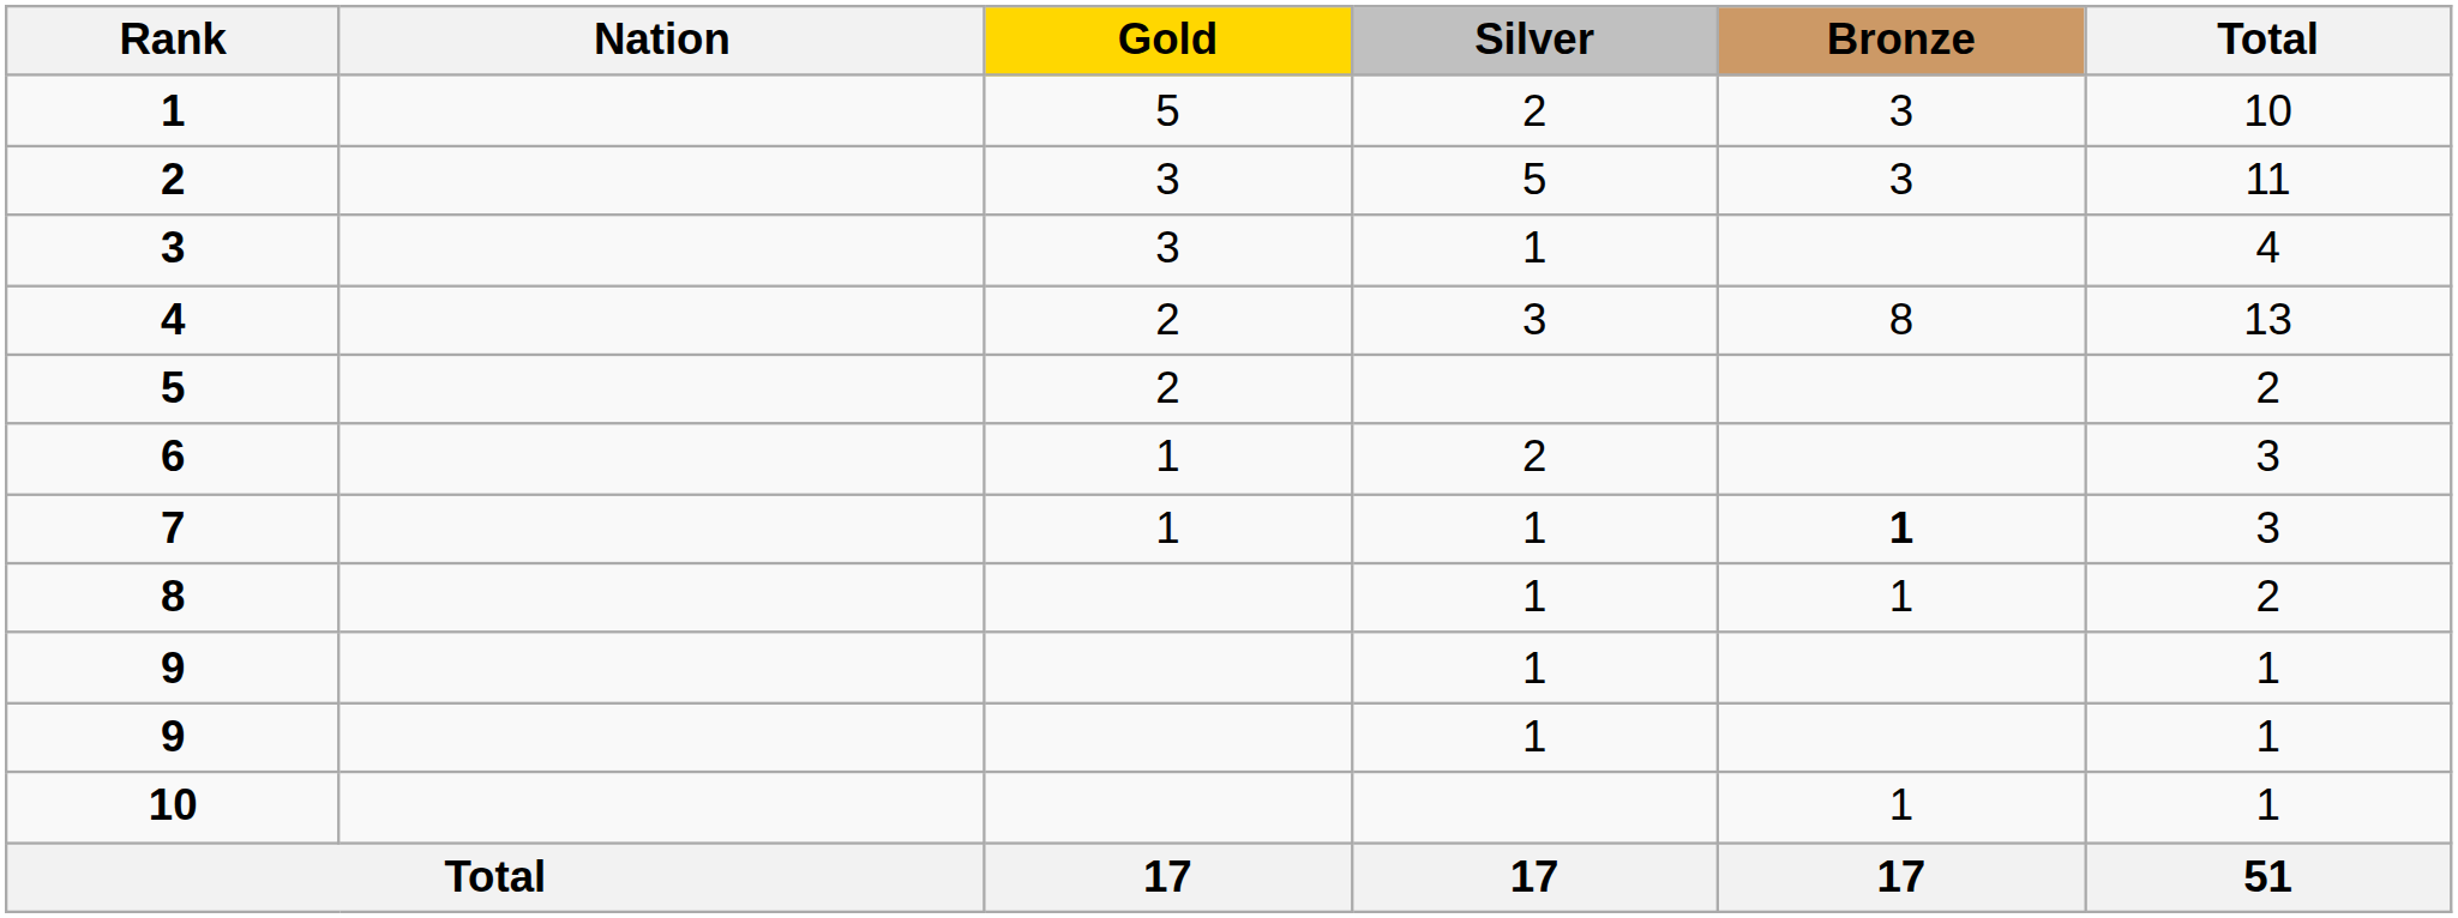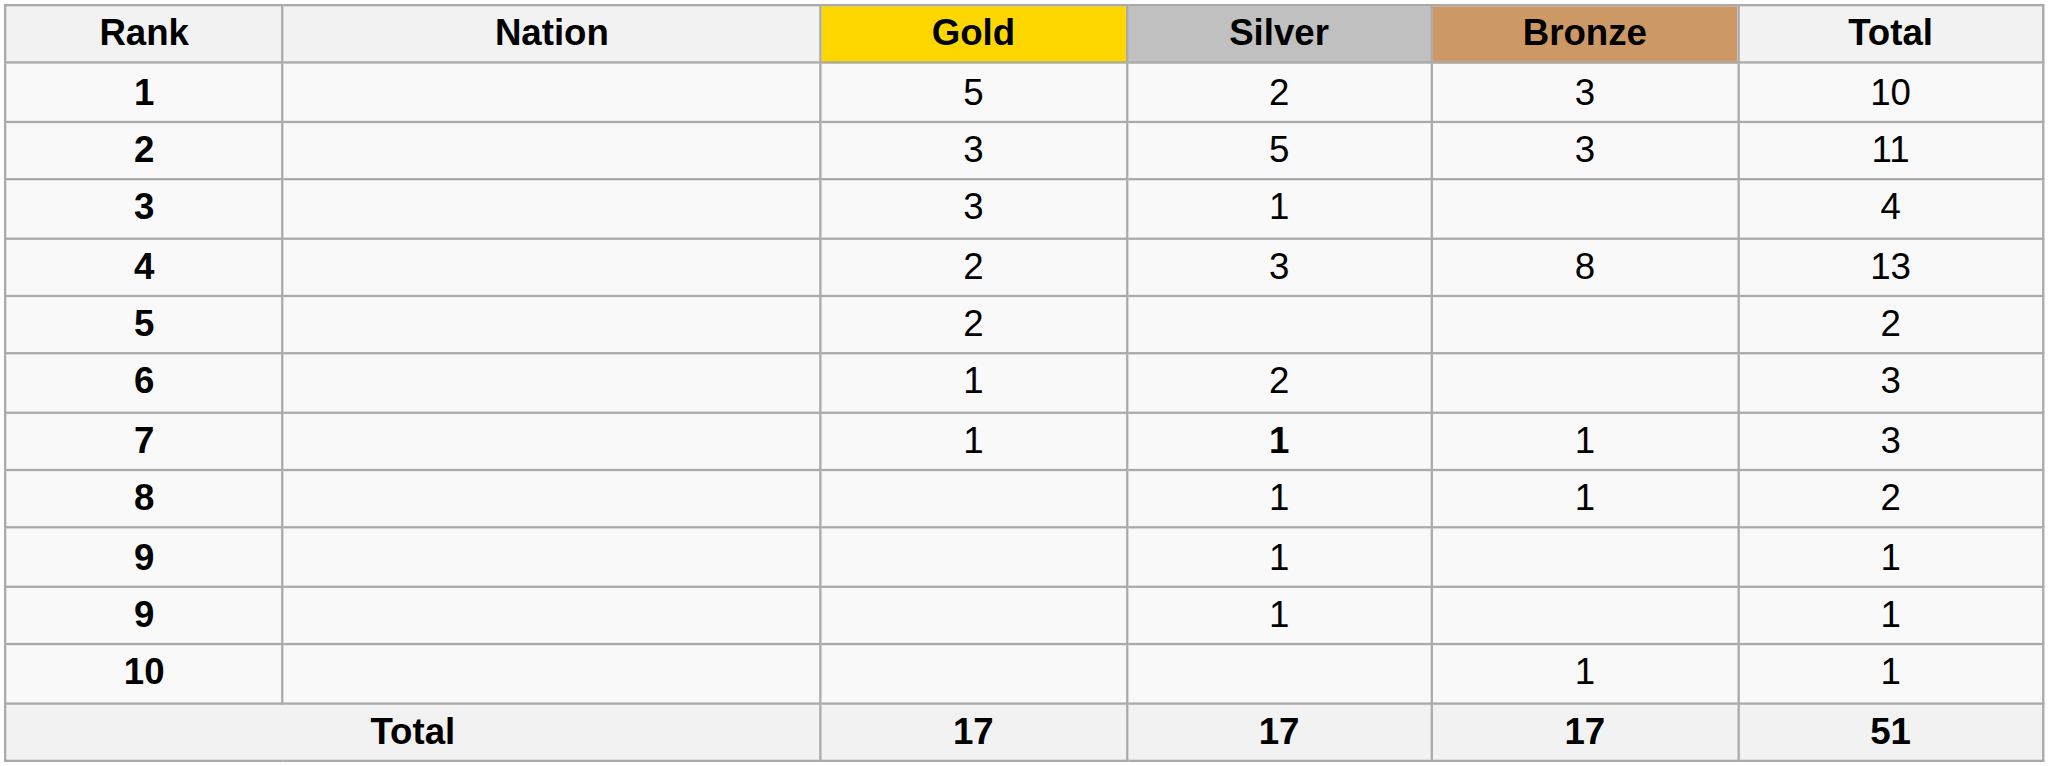 <table class="wikitable collapsible autocollapse plainrowheaders" width=70.5% style="text-align:center;">
 <tr style="background-color:#EDEDED;">
 <th width=100px class="hintergrundfarbe5">Rank</th>
 <th width=200px class="hintergrundfarbe6">Nation</th>
 <th style="background:    gold; width:15%">Gold</th>
 <th style="background:  silver; width:15%">Silver</th>
 <th style="background: #CC9966; width:15%">Bronze</th>
 <th class="hintergrundfarbe6" style="width:15%">Total</th>
 </tr>
 <tr>
 <td><strong>1</strong></td>
 <td align=left></td>
 <td>5</td>
 <td>2</td>
 <td>3</td>
 <td>10</td>
 </tr>
 <tr>
 <td><strong>2</strong></td>
 <td align=left></td>
 <td>3</td>
 <td>5</td>
 <td>3</td>
 <td>11</td>
 </tr>
 <tr>
 <td><strong>3</strong></td>
 <td align=left></td>
 <td>3</td>
 <td>1</td>
 <td></td>
 <td>4</td>
 </tr>
 <tr>
 <td><strong>4</strong></td>
 <td align=left></td>
 <td>2</td>
 <td>3</td>
 <td>8</td>
 <td>13</td>
 </tr>
 <tr>
 <td><strong>5</strong></td>
 <td align=left></td>
 <td>2</td>
 <td></td>
 <td></td>
 <td>2</td>
 </tr>
 <tr>
 <td><strong>6</strong></td>
 <td align=left></td>
 <td>1</td>
 <td>2</td>
 <td></td>
 <td>3</td>
 </tr>
 <tr>
 <td><strong>7</strong></td>
 <td align=left></td>
 <td>1</td>
+<td><strong>1</strong></td>
 <td>1</td>
-<td><strong>1</strong></td>
 <td>3</td>
 </tr>
 <tr>
 <td><strong>8</strong></td>
 <td align=left></td>
 <td></td>
 <td>1</td>
 <td>1</td>
 <td>2</td>
 </tr>
 <tr>
 <td><strong>9</strong></td>
 <td align=left></td>
 <td></td>
 <td>1</td>
 <td></td>
 <td>1</td>
 </tr>
 <tr>
 <td><strong>9</strong></td>
 <td align=left></td>
 <td></td>
 <td>1</td>
 <td></td>
 <td>1</td>
 </tr>
 <tr>
 <td><strong>10</strong></td>
 <td align=left></td>
 <td></td>
 <td></td>
 <td>1</td>
 <td>1</td>
 </tr>
 <tr>
 <th colspan=2>Total</th>
 <th>17</th>
 <th>17</th>
 <th>17</th>
 <th>51</th>
 </tr>
 </table>
